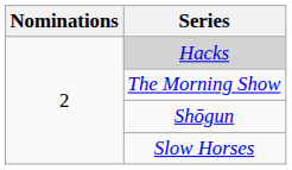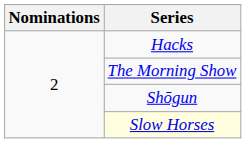 <table class="wikitable plainrowheaders" style="text-align:center;">
 <tr>
 <th scope="col" style="width:55px;">Nominations</th>
 <th scope="col" style="text-align:center;">Series</th>
 </tr>
 <tr>
 <td scope="row" rowspan="4" style="text-align:center;">2</td>
-<td style="background: lightgrey;"><em><a href='#'>Hacks</a></em></td>
+<td><em><a href='#'>Hacks</a></em></td>
 </tr>
 <tr>
 <td><em><a href='#'>The Morning Show</a></em></td>
 </tr>
 <tr>
 <td><em><a href='#'>Shōgun</a></em></td>
 </tr>
 <tr>
-<td><em><a href='#'>Slow Horses</a></em></td>
+<td style="background: lightyellow;"><em><a href='#'>Slow Horses</a></em></td>
 </tr>
 </table>
